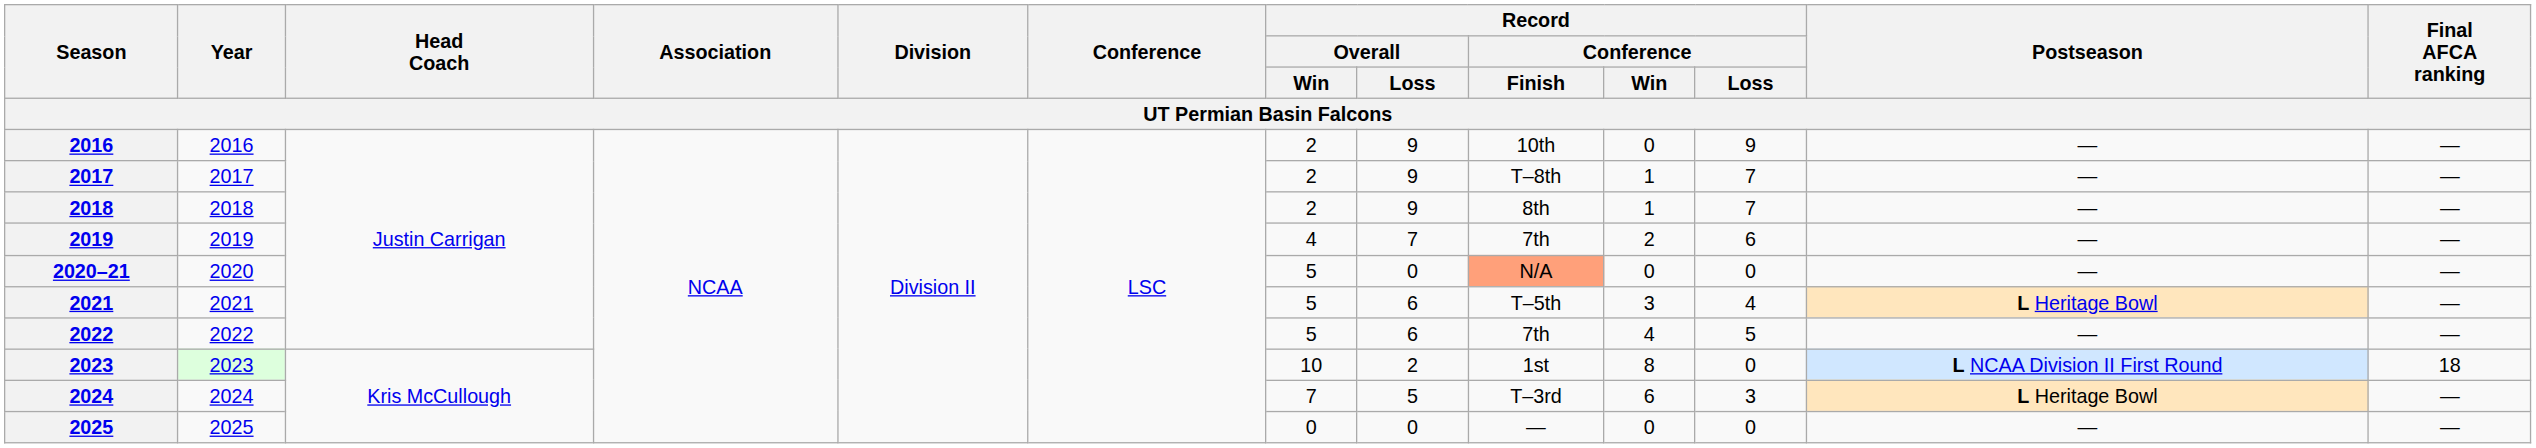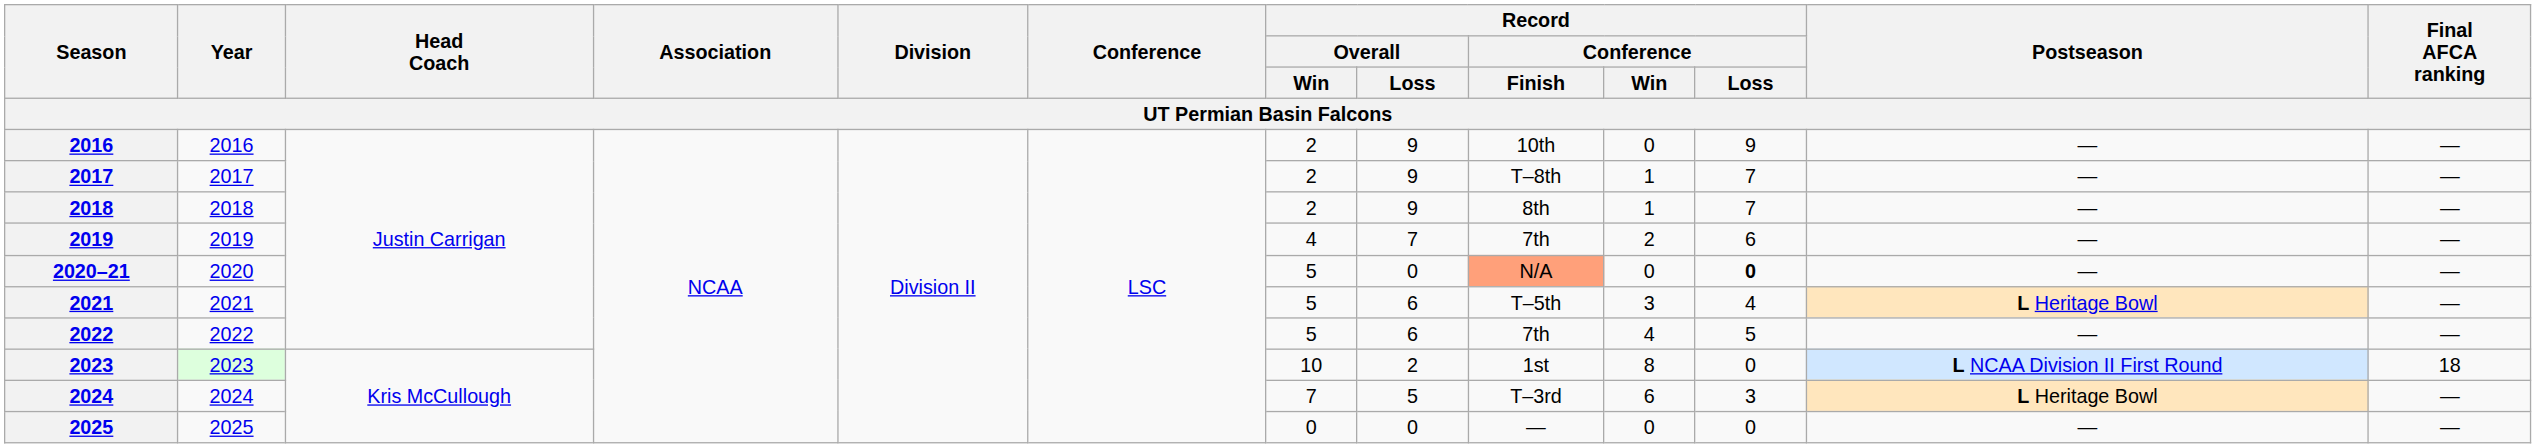 <table class="wikitable" style="font-size: 95%; width:98%;text-align:center;">
 <tr>
 <th rowspan="3">Season</th>
 <th rowspan="3">Year</th>
 <th rowspan="3">Head<br>Coach</th>
 <th rowspan="3">Association</th>
 <th rowspan="3">Division</th>
 <th rowspan="3">Conference</th>
 <th colspan="5">Record</th>
 <th rowspan="3">Postseason</th>
 <th rowspan="3">Final<br>AFCA<br>ranking</th>
 </tr>
 <tr>
 <th colspan="2">Overall</th>
 <th colspan="3">Conference</th>
 </tr>
 <tr>
 <th>Win</th>
 <th>Loss</th>
 <th>Finish</th>
 <th>Win</th>
 <th>Loss</th>
 </tr>
 <tr>
 <th colspan="14">UT Permian Basin Falcons</th>
 </tr>
 <tr>
 <th><a href='#'>2016</a></th>
 <td><a href='#'>2016</a></td>
 <td rowspan="7"><a href='#'>Justin Carrigan</a></td>
 <td rowspan="10"><a href='#'>NCAA</a></td>
 <td rowspan="10"><a href='#'>Division II</a></td>
 <td rowspan="10"><a href='#'>LSC</a></td>
 <td>2</td>
 <td>9</td>
 <td>10th</td>
 <td>0</td>
 <td>9</td>
 <td>—</td>
 <td>—</td>
 </tr>
 <tr>
 <th><a href='#'>2017</a></th>
 <td><a href='#'>2017</a></td>
 <td>2</td>
 <td>9</td>
 <td>T–8th</td>
 <td>1</td>
 <td>7</td>
 <td>—</td>
 <td>—</td>
 </tr>
 <tr>
 <th><a href='#'>2018</a></th>
 <td><a href='#'>2018</a></td>
 <td>2</td>
 <td>9</td>
 <td>8th</td>
 <td>1</td>
 <td>7</td>
 <td>—</td>
 <td>—</td>
 </tr>
 <tr>
 <th><a href='#'>2019</a></th>
 <td><a href='#'>2019</a></td>
 <td>4</td>
 <td>7</td>
 <td>7th</td>
 <td>2</td>
 <td>6</td>
 <td>—</td>
 <td>—</td>
 </tr>
 <tr>
 <th><a href='#'>2020–21</a></th>
 <td><a href='#'>2020</a></td>
 <td>5</td>
 <td>0</td>
 <td style="background: lightsalmon;">N/A</td>
 <td>0</td>
-<td>0</td>
+<td><strong>0</strong></td>
 <td>—</td>
 <td>—</td>
 </tr>
 <tr>
 <th><a href='#'>2021</a></th>
 <td><a href='#'>2021</a></td>
 <td>5</td>
 <td>6</td>
 <td>T–5th</td>
 <td>3</td>
 <td>4</td>
 <td bgcolor="#ffe6bd"><strong>L</strong> <a href='#'>Heritage Bowl</a></td>
 <td>—</td>
 </tr>
 <tr>
 <th><a href='#'>2022</a></th>
 <td><a href='#'>2022</a></td>
 <td>5</td>
 <td>6</td>
 <td>7th</td>
 <td>4</td>
 <td>5</td>
 <td>—</td>
 <td>—</td>
 </tr>
 <tr>
 <th><a href='#'>2023</a></th>
 <td bgcolor="#ddffdd"><a href='#'>2023</a></td>
 <td rowspan="3"><a href='#'>Kris McCullough</a></td>
 <td>10</td>
 <td>2</td>
 <td>1st</td>
 <td>8</td>
 <td>0</td>
 <td bgcolor="#d0e7ff"><strong>L</strong> <a href='#'>NCAA Division II First Round</a></td>
 <td>18</td>
 </tr>
 <tr>
 <th><a href='#'>2024</a></th>
 <td><a href='#'>2024</a></td>
 <td>7</td>
 <td>5</td>
 <td>T–3rd</td>
 <td>6</td>
 <td>3</td>
 <td bgcolor="#ffe6bd"><strong>L</strong> Heritage Bowl</td>
 <td>—</td>
 </tr>
 <tr>
 <th><a href='#'>2025</a></th>
 <td><a href='#'>2025</a></td>
 <td>0</td>
 <td>0</td>
 <td>—</td>
 <td>0</td>
 <td>0</td>
 <td>—</td>
 <td>—</td>
 </tr>
 </table>
